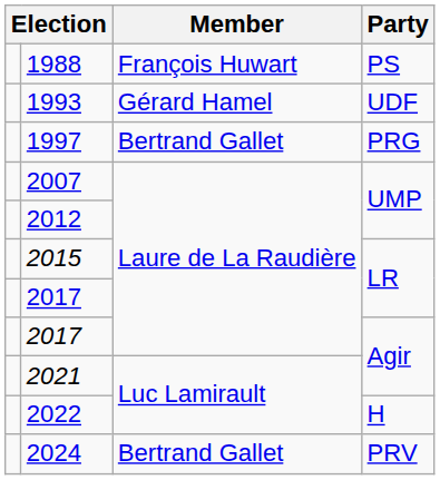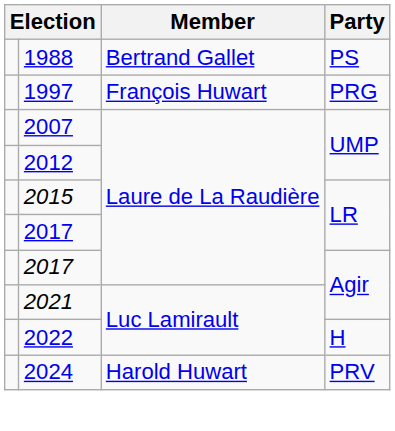 <table class="wikitable">
 <tr>
 <th colspan=2>Election</th>
 <th>Member</th>
 <th>Party</th>
 </tr>
 <tr>
 <td style="background-color: "></td>
 <td><a href='#'>1988</a></td>
-<td><a href='#'>François Huwart</a></td>
+<td><a href='#'>Bertrand Gallet</a></td>
 <td><a href='#'>PS</a></td>
 </tr>
 <tr>
 <td style="background-color: "></td>
-<td><a href='#'>1993</a></td>
-<td><a href='#'>Gérard Hamel</a></td>
-<td><a href='#'>UDF</a></td>
-</tr>
-<tr>
-<td style="background-color: "></td>
 <td><a href='#'>1997</a></td>
-<td><a href='#'>Bertrand Gallet</a></td>
+<td><a href='#'>François Huwart</a></td>
 <td><a href='#'>PRG</a></td>
 </tr>
 <tr>
 <td style="background-color: "></td>
 <td><a href='#'>2007</a></td>
 <td rowspan="5"><a href='#'>Laure de La Raudière</a></td>
 <td rowspan=2><a href='#'>UMP</a></td>
 </tr>
 <tr>
 <td style="background-color: "></td>
 <td><a href='#'>2012</a></td>
 </tr>
 <tr>
 <td style="background-color: "></td>
 <td><em>2015</em></td>
 <td rowspan=2><a href='#'>LR</a></td>
 </tr>
 <tr>
 <td style="background-color: "></td>
 <td><a href='#'>2017</a></td>
 </tr>
 <tr>
 <td style="background-color: "></td>
 <td><em>2017</em></td>
 <td rowspan="2"><a href='#'>Agir</a></td>
 </tr>
 <tr>
 <td style="color:inherit;background-color: "></td>
 <td><em>2021</em></td>
 <td rowspan="2"><a href='#'>Luc Lamirault</a></td>
 </tr>
 <tr>
 <td style="color:inherit;background-color: "></td>
 <td><a href='#'>2022</a></td>
 <td><a href='#'>H</a></td>
 </tr>
 <tr>
 <td style="color:inherit;background-color: "></td>
 <td><a href='#'>2024</a></td>
-<td><a href='#'>Bertrand Gallet</a></td>
+<td><a href='#'>Harold Huwart</a></td>
 <td><a href='#'>PRV</a></td>
 </tr>
 </table>
